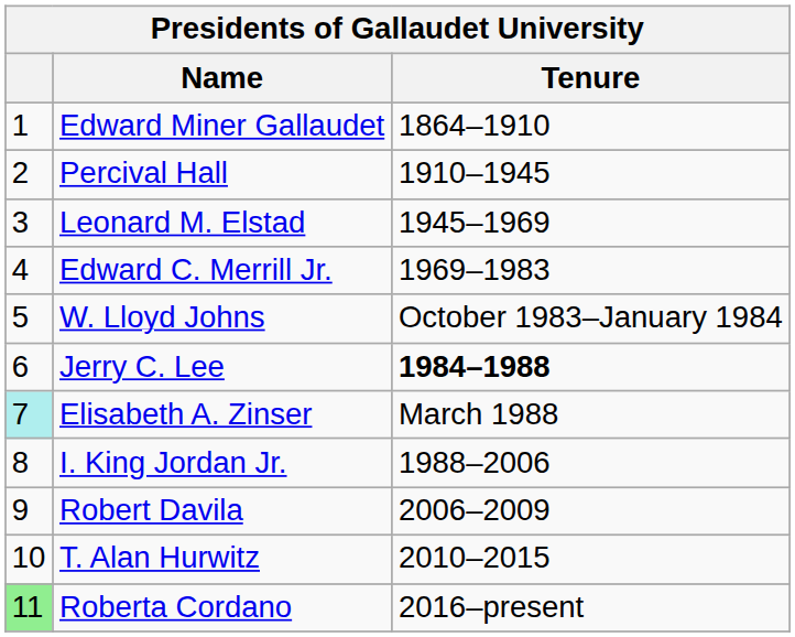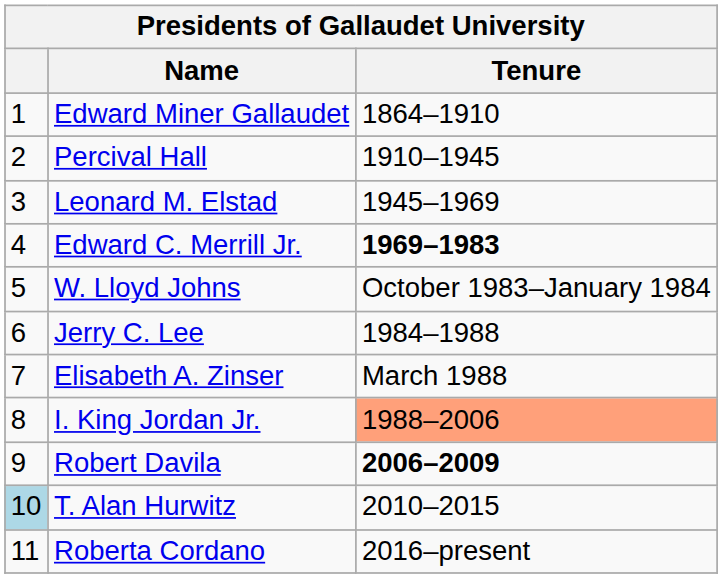 <table class="wikitable" style="float:right; clear:right; margin-left:15px">
 <tr>
 <th colspan=3>Presidents of Gallaudet University</th>
 </tr>
 <tr>
 <th></th>
 <th scope="col">Name</th>
 <th>Tenure</th>
 </tr>
 <tr>
 <td>1</td>
 <td><a href='#'>Edward Miner Gallaudet</a></td>
 <td>1864–1910</td>
 </tr>
 <tr>
 <td>2</td>
 <td><a href='#'>Percival Hall</a></td>
 <td>1910–1945</td>
 </tr>
 <tr>
 <td>3</td>
 <td><a href='#'>Leonard M. Elstad</a></td>
 <td>1945–1969</td>
 </tr>
 <tr>
 <td>4</td>
 <td><a href='#'>Edward C. Merrill Jr.</a></td>
-<td>1969–1983</td>
+<td><strong>1969–1983</strong></td>
 </tr>
 <tr>
 <td>5</td>
 <td><a href='#'>W. Lloyd Johns</a></td>
 <td>October 1983–January 1984</td>
 </tr>
 <tr>
 <td>6</td>
 <td><a href='#'>Jerry C. Lee</a></td>
-<td><strong>1984–1988</strong></td>
+<td>1984–1988</td>
 </tr>
 <tr>
-<td style="background: paleturquoise;">7</td>
+<td>7</td>
 <td><a href='#'>Elisabeth A. Zinser</a></td>
 <td>March 1988</td>
 </tr>
 <tr>
 <td>8</td>
 <td><a href='#'>I. King Jordan Jr.</a></td>
-<td>1988–2006</td>
+<td style="background: lightsalmon;">1988–2006</td>
 </tr>
 <tr>
 <td>9</td>
 <td><a href='#'>Robert Davila</a></td>
-<td>2006–2009</td>
+<td><strong>2006–2009</strong></td>
 </tr>
 <tr>
-<td>10</td>
+<td style="background: lightblue;">10</td>
 <td><a href='#'>T. Alan Hurwitz</a></td>
 <td>2010–2015</td>
 </tr>
 <tr>
-<td style="background: lightgreen;">11</td>
+<td>11</td>
 <td><a href='#'>Roberta Cordano</a></td>
 <td>2016–present</td>
 </tr>
 </table>
